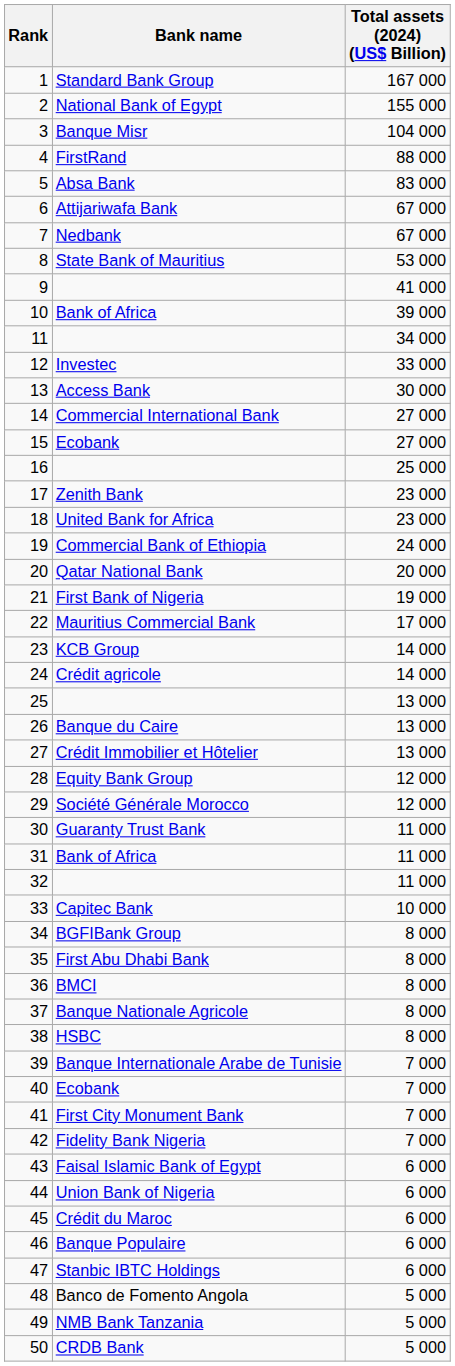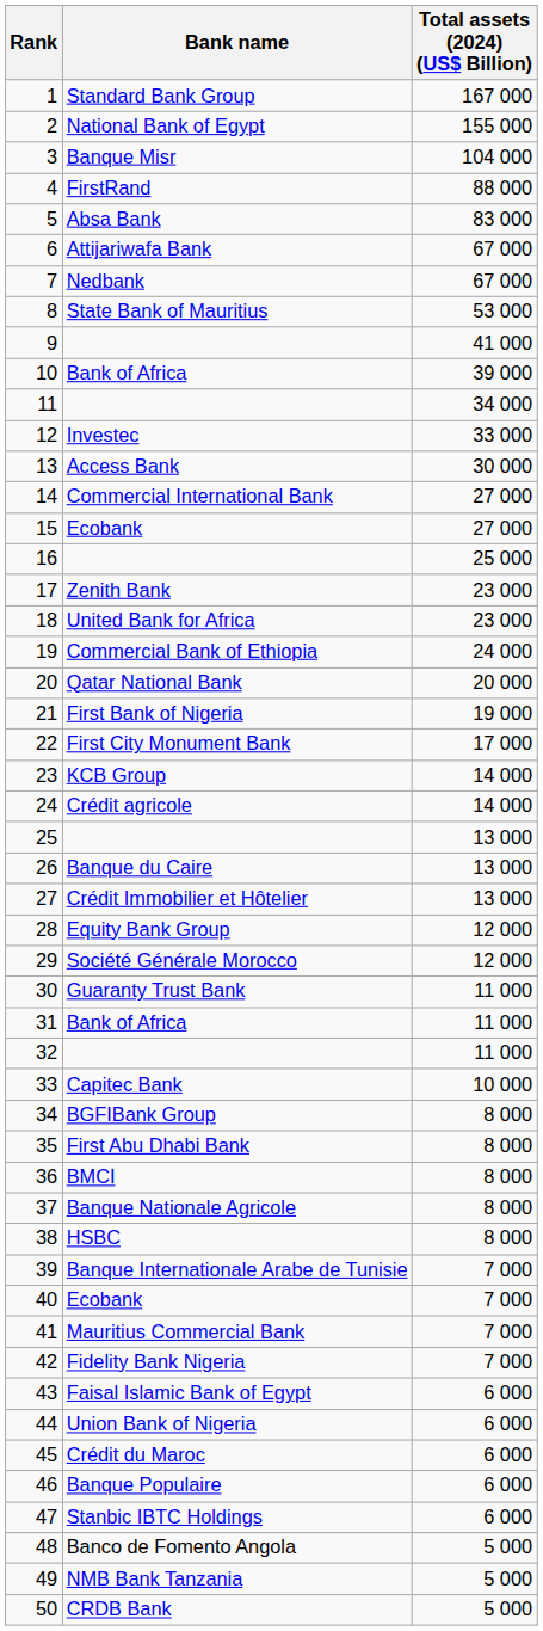 <table class="wikitable sortable mw-collapsible">
 <tr>
 <th data-sort-type="number">Rank</th>
 <th>Bank name</th>
 <th>Total assets<br>(2024)<br>(<a href='#'>US$</a> Billion)</th>
 </tr>
 <tr>
 <td align=right>1</td>
 <td> <a href='#'>Standard Bank Group</a></td>
 <td align=right>167 000</td>
 </tr>
 <tr>
 <td align=right>2</td>
 <td> <a href='#'>National Bank of Egypt</a></td>
 <td align=right>155 000</td>
 </tr>
 <tr>
 <td align=right>3</td>
 <td> <a href='#'>Banque Misr</a></td>
 <td align=right>104 000</td>
 </tr>
 <tr>
 <td align=right>4</td>
 <td> <a href='#'>FirstRand</a></td>
 <td align=right>88 000</td>
 </tr>
 <tr>
 <td align=right>5</td>
 <td> <a href='#'>Absa Bank</a></td>
 <td align=right>83 000</td>
 </tr>
 <tr>
 <td align="right">6</td>
 <td> <a href='#'>Attijariwafa Bank</a></td>
 <td align="right">67 000</td>
 </tr>
 <tr>
 <td align="right">7</td>
 <td> <a href='#'>Nedbank</a></td>
 <td align="right">67 000</td>
 </tr>
 <tr>
 <td align=right>8</td>
 <td> <a href='#'>State Bank of Mauritius</a></td>
 <td align=right>53 000</td>
 </tr>
 <tr>
 <td align="right">9</td>
 <td> </td>
 <td align="right">41 000</td>
 </tr>
 <tr>
 <td align="right">10</td>
 <td> <a href='#'>Bank of Africa</a></td>
 <td align="right">39 000</td>
 </tr>
 <tr>
 <td align="right">11</td>
 <td> </td>
 <td align="right">34 000</td>
 </tr>
 <tr>
 <td align="right">12</td>
 <td> <a href='#'>Investec</a></td>
 <td align="right">33 000</td>
 </tr>
 <tr>
 <td align="right">13</td>
 <td> <a href='#'>Access Bank</a></td>
 <td align="right">30 000</td>
 </tr>
 <tr>
 <td align="right">14</td>
 <td> <a href='#'>Commercial International Bank</a></td>
 <td align="right">27 000</td>
 </tr>
 <tr>
 <td align="right">15</td>
 <td> <a href='#'>Ecobank</a></td>
 <td align="right">27 000</td>
 </tr>
 <tr>
 <td align="right">16</td>
 <td> </td>
 <td align="right">25 000</td>
 </tr>
 <tr>
 <td align="right">17</td>
 <td> <a href='#'>Zenith Bank</a></td>
 <td align="right">23 000</td>
 </tr>
 <tr>
 <td align="right">18</td>
 <td> <a href='#'>United Bank for Africa</a></td>
 <td align="right">23 000</td>
 </tr>
 <tr>
 <td align=right>19</td>
 <td> <a href='#'>Commercial Bank of Ethiopia</a></td>
 <td align=right>24 000</td>
 </tr>
 <tr>
 <td align=right>20</td>
 <td> <a href='#'>Qatar National Bank</a></td>
 <td align=right>20 000</td>
 </tr>
 <tr>
 <td align="right">21</td>
 <td> <a href='#'>First Bank of Nigeria</a></td>
 <td align="right">19 000</td>
 </tr>
 <tr>
 <td align="right">22</td>
-<td> <a href='#'>Mauritius Commercial Bank</a></td>
+<td> <a href='#'>First City Monument Bank</a></td>
 <td align="right">17 000</td>
 </tr>
 <tr>
 <td align="right">23</td>
 <td> <a href='#'>KCB Group</a></td>
 <td align="right">14 000</td>
 </tr>
 <tr>
 <td align="right">24</td>
 <td> <a href='#'>Crédit agricole</a></td>
 <td align="right">14 000</td>
 </tr>
 <tr>
 <td align="right">25</td>
 <td> </td>
 <td align="right">13 000</td>
 </tr>
 <tr>
 <td align="right">26</td>
 <td> <a href='#'>Banque du Caire</a></td>
 <td align="right">13 000</td>
 </tr>
 <tr>
 <td align="right">27</td>
 <td> <a href='#'>Crédit Immobilier et Hôtelier</a></td>
 <td align="right">13 000</td>
 </tr>
 <tr>
 <td align=right>28</td>
 <td> <a href='#'>Equity Bank Group</a></td>
 <td align=right>12 000</td>
 </tr>
 <tr>
 <td align="right">29</td>
 <td> <a href='#'>Société Générale Morocco</a></td>
 <td align="right">12 000</td>
 </tr>
 <tr>
 <td align="right">30</td>
 <td> <a href='#'>Guaranty Trust Bank</a></td>
 <td align="right">11 000</td>
 </tr>
 <tr>
 <td align="right">31</td>
 <td> <a href='#'>Bank of Africa</a></td>
 <td align="right">11 000</td>
 </tr>
 <tr>
 <td align="right">32</td>
 <td> </td>
 <td align="right">11 000</td>
 </tr>
 <tr>
 <td align="right">33</td>
 <td> <a href='#'>Capitec Bank</a></td>
 <td align="right">10 000</td>
 </tr>
 <tr>
 <td align="right">34</td>
 <td> <a href='#'>BGFIBank Group</a></td>
 <td align="right">8 000</td>
 </tr>
 <tr>
 <td align="right">35</td>
 <td> <a href='#'>First Abu Dhabi Bank</a></td>
 <td align="right">8 000</td>
 </tr>
 <tr>
 <td align="right">36</td>
 <td> <a href='#'>BMCI</a></td>
 <td align="right">8 000</td>
 </tr>
 <tr>
 <td align="right">37</td>
 <td> <a href='#'>Banque Nationale Agricole</a></td>
 <td align="right">8 000</td>
 </tr>
 <tr>
 <td align="right">38</td>
 <td> <a href='#'>HSBC</a></td>
 <td align="right">8 000</td>
 </tr>
 <tr>
 <td align="right">39</td>
 <td> <a href='#'>Banque Internationale Arabe de Tunisie</a></td>
 <td align="right">7 000</td>
 </tr>
 <tr>
 <td align="right">40</td>
 <td> <a href='#'>Ecobank</a></td>
 <td align="right">7 000</td>
 </tr>
 <tr>
 <td align="right">41</td>
-<td> <a href='#'>First City Monument Bank</a></td>
+<td> <a href='#'>Mauritius Commercial Bank</a></td>
 <td align="right">7 000</td>
 </tr>
 <tr>
 <td align="right">42</td>
 <td> <a href='#'>Fidelity Bank Nigeria</a></td>
 <td align="right">7 000</td>
 </tr>
 <tr>
 <td align="right">43</td>
 <td> <a href='#'>Faisal Islamic Bank of Egypt</a></td>
 <td align="right">6 000</td>
 </tr>
 <tr>
 <td align="right">44</td>
 <td> <a href='#'>Union Bank of Nigeria</a></td>
 <td align="right">6 000</td>
 </tr>
 <tr>
 <td align="right">45</td>
 <td> <a href='#'>Crédit du Maroc</a></td>
 <td align="right">6 000</td>
 </tr>
 <tr>
 <td align="right">46</td>
 <td> <a href='#'>Banque Populaire</a></td>
 <td align="right">6 000</td>
 </tr>
 <tr>
 <td align="right">47</td>
 <td> <a href='#'>Stanbic IBTC Holdings</a></td>
 <td align="right">6 000</td>
 </tr>
 <tr>
 <td align="right">48</td>
 <td> Banco de Fomento Angola</td>
 <td align="right">5 000</td>
 </tr>
 <tr>
 <td align="right">49</td>
 <td> <a href='#'>NMB Bank Tanzania</a></td>
 <td align="right">5 000</td>
 </tr>
 <tr>
 <td align="right">50</td>
 <td> <a href='#'>CRDB Bank</a></td>
 <td align="right">5 000</td>
 </tr>
 </table>
